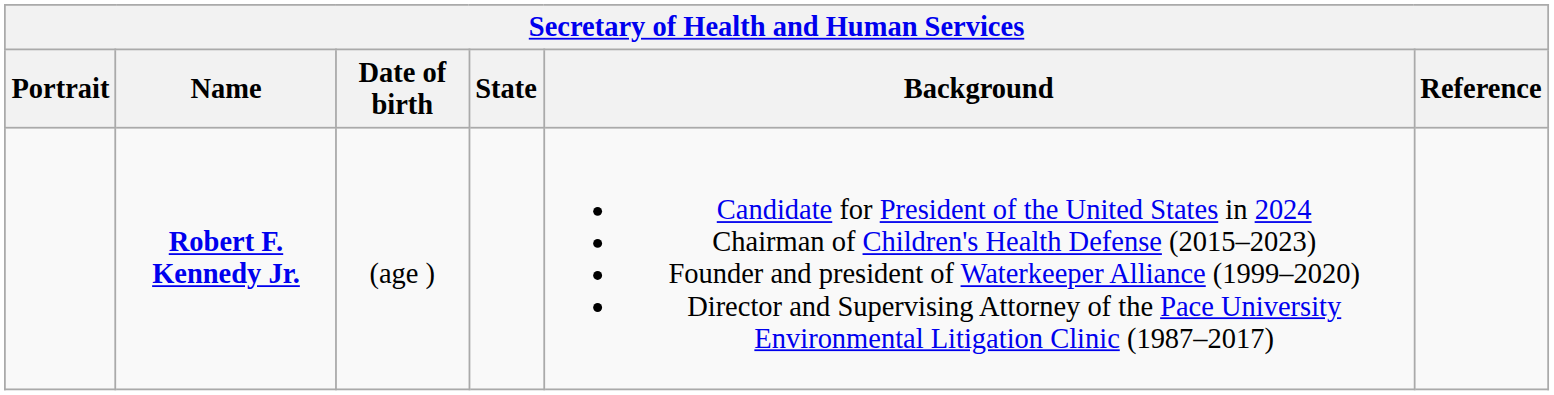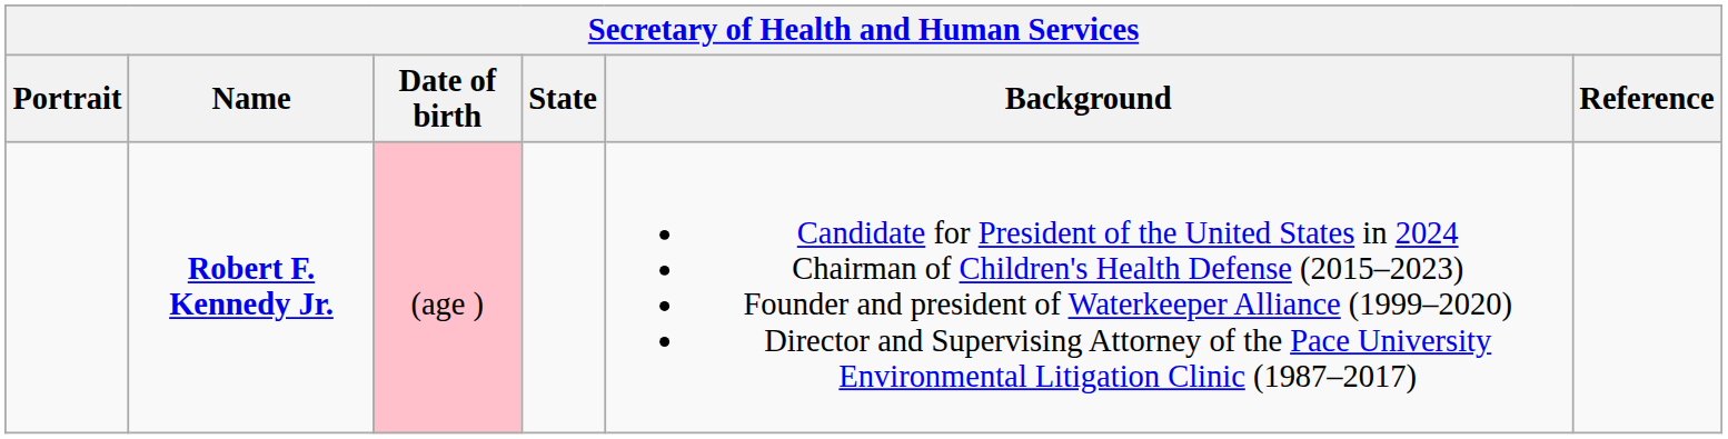 <table class="wikitable collapsible" style="text-align:center;">
 <tr>
 <th colspan="6"><a href='#'>Secretary of Health and Human Services</a></th>
 </tr>
 <tr>
 <th>Portrait</th>
 <th>Name</th>
 <th>Date of birth</th>
 <th>State</th>
 <th>Background</th>
 <th>Reference</th>
 </tr>
 <tr>
 <td></td>
 <td><strong><a href='#'>Robert F. Kennedy Jr.</a></strong></td>
-<td><br>(age )</td>
+<td style="background: pink;"><br>(age )</td>
 <td></td>
 <td><br><ul><li><a href='#'>Candidate</a> for <a href='#'>President of the United States</a> in <a href='#'>2024</a></li><li>Chairman of <a href='#'>Children's Health Defense</a> (2015–2023)</li><li>Founder and president of <a href='#'>Waterkeeper Alliance</a> (1999–2020)</li><li>Director and Supervising Attorney of the <a href='#'>Pace University Environmental Litigation Clinic</a> (1987–2017)</li></ul></td>
 <td></td>
 </tr>
 </table>
